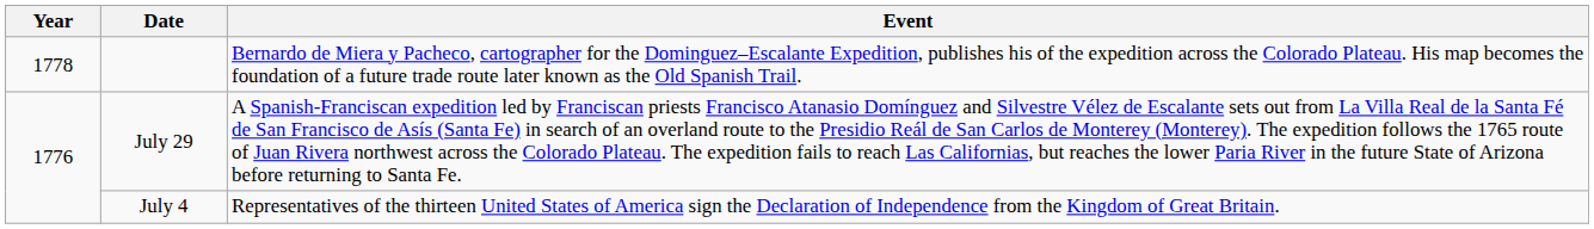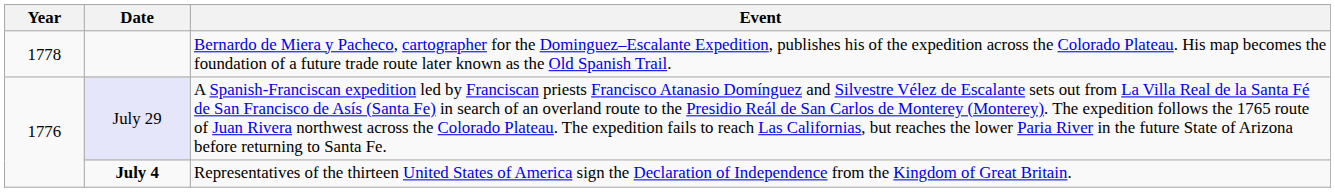 <table class="wikitable" style="width:100%;">
 <tr>
 <th style="width:6%">Year</th>
 <th style="width:8%">Date</th>
 <th style="width:86%">Event</th>
 </tr>
 <tr>
 <td align=center rowspan=1>1778</td>
 <td></td>
 <td><a href='#'>Bernardo de Miera y Pacheco</a>, <a href='#'>cartographer</a> for the <a href='#'>Dominguez–Escalante Expedition</a>, publishes his  of the expedition across the <a href='#'>Colorado Plateau</a>.  His map becomes the foundation of a future trade route later known as the <a href='#'>Old Spanish Trail</a>.</td>
 </tr>
 <tr>
 <td align=center rowspan=2>1776</td>
-<td align=center>July 29</td>
+<td align=center style="background: lavender;">July 29</td>
 <td>A <a href='#'>Spanish-Franciscan expedition</a> led by <a href='#'>Franciscan</a> priests <a href='#'>Francisco Atanasio Domínguez</a> and <a href='#'>Silvestre Vélez de Escalante</a> sets out from <a href='#'>La Villa Real de la Santa Fé de San Francisco de Asís (Santa Fe)</a> in search of an overland route to the <a href='#'>Presidio Reál de San Carlos de Monterey (Monterey)</a>.  The expedition follows the 1765 route of <a href='#'>Juan Rivera</a> northwest across the <a href='#'>Colorado Plateau</a>.  The expedition fails to reach <a href='#'>Las Californias</a>, but reaches the lower <a href='#'>Paria River</a> in the future State of Arizona before returning to Santa Fe.</td>
 </tr>
 <tr>
-<td align=center>July 4</td>
+<td align=center><strong>July 4</strong></td>
 <td>Representatives of the thirteen <a href='#'>United States of America</a> sign the <a href='#'>Declaration of Independence</a> from the <a href='#'>Kingdom of Great Britain</a>.</td>
 </tr>
 </table>
